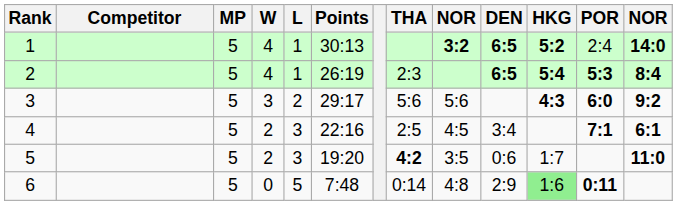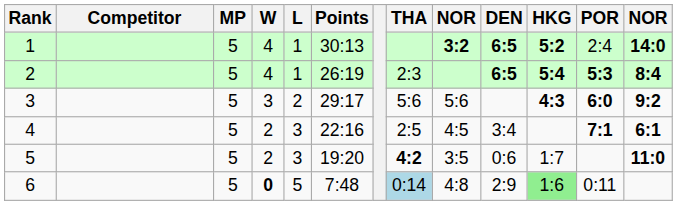 <table class="wikitable" style="text-align:center">
 <tr>
 <th>Rank</th>
 <th style="width:18em">Competitor</th>
 <th style="width:2.5em">MP</th>
 <th style="width:2.5em">W</th>
 <th style="width:2.5em">L</th>
 <th>Points</th>
 <th rowspan="7"> </th>
 <th style="width:2.5em">THA</th>
 <th style="width:2.5em">NOR</th>
 <th style="width:2.5em">DEN</th>
 <th style="width:2.5em">HKG</th>
 <th style="width:2.5em">POR</th>
 <th style="width:2.5em">NOR</th>
 </tr>
 <tr style="background:#cfc;">
 <td>1</td>
 <td style="text-align:left"></td>
 <td>5</td>
 <td>4</td>
 <td>1</td>
 <td>30:13</td>
 <td></td>
 <td><strong>3:2</strong></td>
 <td><strong>6:5</strong></td>
 <td><strong>5:2</strong></td>
 <td>2:4</td>
 <td><strong>14:0</strong></td>
 </tr>
 <tr style="background:#cfc;">
 <td>2</td>
 <td style="text-align:left"></td>
 <td>5</td>
 <td>4</td>
 <td>1</td>
 <td>26:19</td>
 <td>2:3</td>
 <td></td>
 <td><strong>6:5</strong></td>
 <td><strong>5:4</strong></td>
 <td><strong>5:3</strong></td>
 <td><strong>8:4</strong></td>
 </tr>
 <tr>
 <td>3</td>
 <td style="text-align:left"></td>
 <td>5</td>
 <td>3</td>
 <td>2</td>
 <td>29:17</td>
 <td>5:6</td>
 <td>5:6</td>
 <td></td>
 <td><strong>4:3</strong></td>
 <td><strong>6:0</strong></td>
 <td><strong>9:2</strong></td>
 </tr>
 <tr>
 <td>4</td>
 <td style="text-align:left"></td>
 <td>5</td>
 <td>2</td>
 <td>3</td>
 <td>22:16</td>
 <td>2:5</td>
 <td>4:5</td>
 <td>3:4</td>
 <td></td>
 <td><strong>7:1</strong></td>
 <td><strong>6:1</strong></td>
 </tr>
 <tr>
 <td>5</td>
 <td style="text-align:left"></td>
 <td>5</td>
 <td>2</td>
 <td>3</td>
 <td>19:20</td>
 <td><strong>4:2</strong></td>
 <td>3:5</td>
 <td>0:6</td>
 <td>1:7</td>
 <td></td>
 <td><strong>11:0</strong></td>
 </tr>
 <tr>
 <td>6</td>
 <td style="text-align:left"></td>
 <td>5</td>
-<td>0</td>
+<td><strong>0</strong></td>
 <td>5</td>
 <td>7:48</td>
-<td>0:14</td>
+<td style="background: lightblue;">0:14</td>
 <td>4:8</td>
 <td>2:9</td>
 <td style="background: lightgreen;">1:6</td>
-<td><strong>0:11</strong></td>
+<td>0:11</td>
 <td></td>
 </tr>
 </table>
